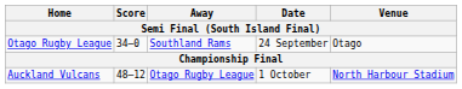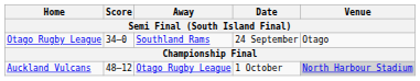 <table class="wikitable">
 <tr>
 <th>Home</th>
 <th>Score</th>
 <th>Away</th>
 <th>Date</th>
 <th>Venue</th>
 </tr>
 <tr>
 <th colspan="5">Semi Final (South Island Final)</th>
 </tr>
 <tr>
 <td> <a href='#'>Otago Rugby League</a></td>
 <td>34–0</td>
 <td> <a href='#'>Southland Rams</a></td>
 <td>24 September</td>
 <td>Otago</td>
 </tr>
 <tr>
 <th colspan="5">Championship Final</th>
 </tr>
 <tr>
 <td> <a href='#'>Auckland Vulcans</a></td>
 <td>48–12</td>
 <td> <a href='#'>Otago Rugby League</a></td>
 <td>1 October</td>
-<td><a href='#'>North Harbour Stadium</a></td>
+<td style="background: lightgrey;"><a href='#'>North Harbour Stadium</a></td>
 </tr>
 </table>
